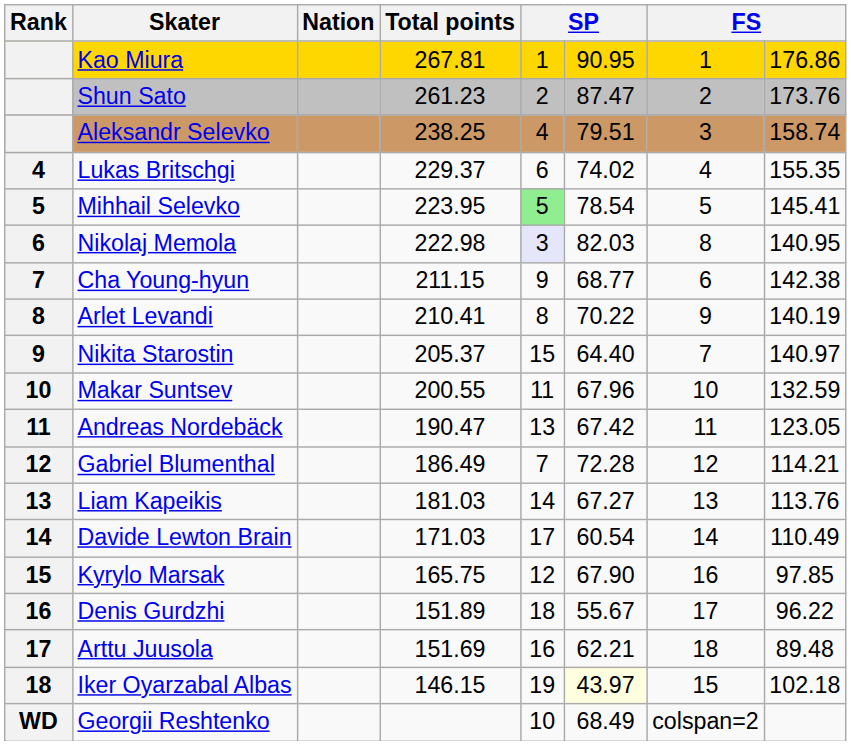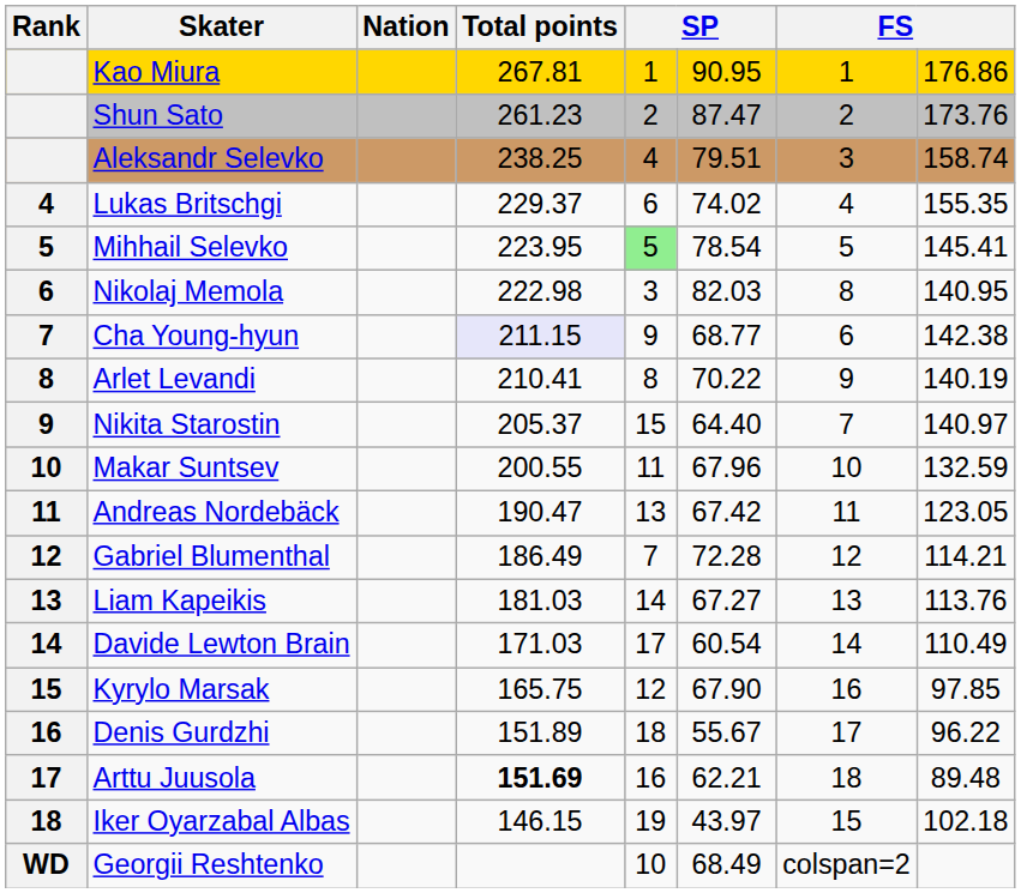 <table class="wikitable sortable" style="text-align:left">
 <tr>
 <th scope="col">Rank</th>
 <th scope="col">Skater</th>
 <th scope="col">Nation</th>
 <th scope="col">Total points</th>
 <th scope="col" colspan="2" width="80px"><a href='#'>SP</a></th>
 <th scope="col" colspan="2" width="80px"><a href='#'>FS</a></th>
 </tr>
 <tr bgcolor="gold">
 <th scope="row"></th>
 <td><a href='#'>Kao Miura</a></td>
 <td></td>
 <td align="center">267.81</td>
 <td align="center">1</td>
 <td align="center">90.95</td>
 <td align="center">1</td>
 <td align="center">176.86</td>
 </tr>
 <tr bgcolor="silver">
 <th scope="row"></th>
 <td><a href='#'>Shun Sato</a></td>
 <td></td>
 <td align="center">261.23</td>
 <td align="center">2</td>
 <td align="center">87.47</td>
 <td align="center">2</td>
 <td align="center">173.76</td>
 </tr>
 <tr bgcolor="cc9966">
 <th scope="row"></th>
 <td><a href='#'>Aleksandr Selevko</a></td>
 <td></td>
 <td align="center">238.25</td>
 <td align="center">4</td>
 <td align="center">79.51</td>
 <td align="center">3</td>
 <td align="center">158.74</td>
 </tr>
 <tr>
 <th scope="row">4</th>
 <td><a href='#'>Lukas Britschgi</a></td>
 <td></td>
 <td align="center">229.37</td>
 <td align="center">6</td>
 <td align="center">74.02</td>
 <td align="center">4</td>
 <td align="center">155.35</td>
 </tr>
 <tr>
 <th scope="row">5</th>
 <td><a href='#'>Mihhail Selevko</a></td>
 <td></td>
 <td align="center">223.95</td>
 <td align="center" style="background: lightgreen;">5</td>
 <td align="center">78.54</td>
 <td align="center">5</td>
 <td align="center">145.41</td>
 </tr>
 <tr>
 <th scope="row">6</th>
 <td><a href='#'>Nikolaj Memola</a></td>
 <td></td>
 <td align="center">222.98</td>
-<td align="center" style="background: lavender;">3</td>
+<td align="center">3</td>
 <td align="center">82.03</td>
 <td align="center">8</td>
 <td align="center">140.95</td>
 </tr>
 <tr>
 <th scope="row">7</th>
 <td><a href='#'>Cha Young-hyun</a></td>
 <td></td>
-<td align="center">211.15</td>
+<td align="center" style="background: lavender;">211.15</td>
 <td align="center">9</td>
 <td align="center">68.77</td>
 <td align="center">6</td>
 <td align="center">142.38</td>
 </tr>
 <tr>
 <th scope="row">8</th>
 <td><a href='#'>Arlet Levandi</a></td>
 <td></td>
 <td align="center">210.41</td>
 <td align="center">8</td>
 <td align="center">70.22</td>
 <td align="center">9</td>
 <td align="center">140.19</td>
 </tr>
 <tr>
 <th scope="row">9</th>
 <td><a href='#'>Nikita Starostin</a></td>
 <td></td>
 <td align="center">205.37</td>
 <td align="center">15</td>
 <td align="center">64.40</td>
 <td align="center">7</td>
 <td align="center">140.97</td>
 </tr>
 <tr>
 <th scope="row">10</th>
 <td><a href='#'>Makar Suntsev</a></td>
 <td></td>
 <td align="center">200.55</td>
 <td align="center">11</td>
 <td align="center">67.96</td>
 <td align="center">10</td>
 <td align="center">132.59</td>
 </tr>
 <tr>
 <th scope="row">11</th>
 <td><a href='#'>Andreas Nordebäck</a></td>
 <td></td>
 <td align="center">190.47</td>
 <td align="center">13</td>
 <td align="center">67.42</td>
 <td align="center">11</td>
 <td align="center">123.05</td>
 </tr>
 <tr>
 <th scope="row">12</th>
 <td><a href='#'>Gabriel Blumenthal</a></td>
 <td></td>
 <td align="center">186.49</td>
 <td align="center">7</td>
 <td align="center">72.28</td>
 <td align="center">12</td>
 <td align="center">114.21</td>
 </tr>
 <tr>
 <th scope="row">13</th>
 <td><a href='#'>Liam Kapeikis</a></td>
 <td></td>
 <td align="center">181.03</td>
 <td align="center">14</td>
 <td align="center">67.27</td>
 <td align="center">13</td>
 <td align="center">113.76</td>
 </tr>
 <tr>
 <th scope="row">14</th>
 <td><a href='#'>Davide Lewton Brain</a></td>
 <td></td>
 <td align="center">171.03</td>
 <td align="center">17</td>
 <td align="center">60.54</td>
 <td align="center">14</td>
 <td align="center">110.49</td>
 </tr>
 <tr>
 <th scope="row">15</th>
 <td><a href='#'>Kyrylo Marsak</a></td>
 <td></td>
 <td align="center">165.75</td>
 <td align="center">12</td>
 <td align="center">67.90</td>
 <td align="center">16</td>
 <td align="center">97.85</td>
 </tr>
 <tr>
 <th scope="row">16</th>
 <td><a href='#'>Denis Gurdzhi</a></td>
 <td></td>
 <td align="center">151.89</td>
 <td align="center">18</td>
 <td align="center">55.67</td>
 <td align="center">17</td>
 <td align="center">96.22</td>
 </tr>
 <tr>
 <th scope="row">17</th>
 <td><a href='#'>Arttu Juusola</a></td>
 <td></td>
-<td align="center">151.69</td>
+<td align="center"><strong>151.69</strong></td>
 <td align="center">16</td>
 <td align="center">62.21</td>
 <td align="center">18</td>
 <td align="center">89.48</td>
 </tr>
 <tr>
 <th scope="row">18</th>
 <td><a href='#'>Iker Oyarzabal Albas</a></td>
 <td></td>
 <td align="center">146.15</td>
 <td align="center">19</td>
-<td align="center" style="background: lightyellow;">43.97</td>
+<td align="center">43.97</td>
 <td align="center">15</td>
 <td align="center">102.18</td>
 </tr>
 <tr>
 <th scope="row">WD</th>
 <td><a href='#'>Georgii Reshtenko</a></td>
 <td></td>
 <td></td>
 <td align="center">10</td>
 <td align="center">68.49</td>
 <td>colspan=2 </td>
 </tr>
 </table>
